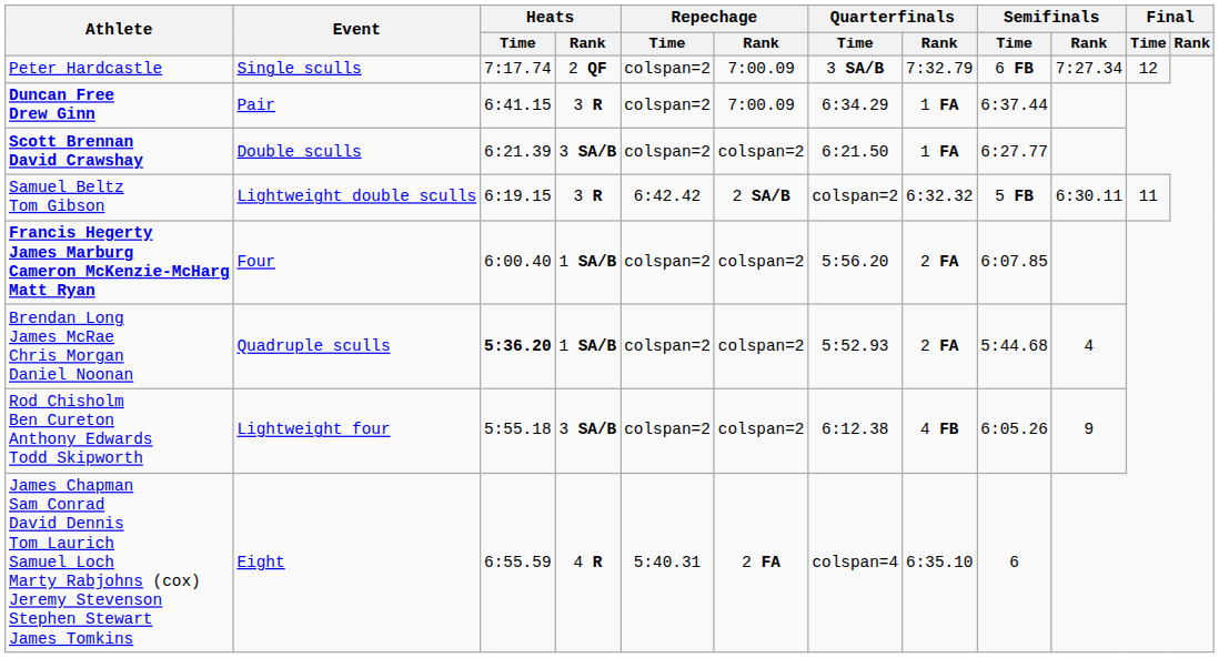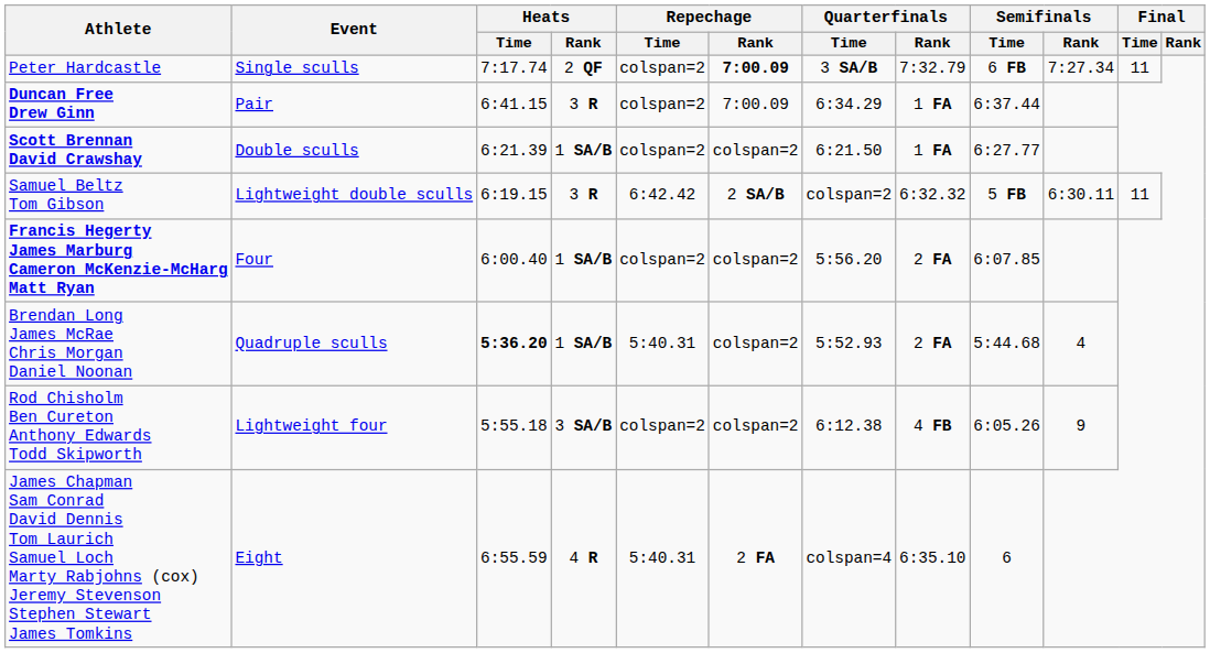 <table class="wikitable" style="font-size:90%">
 <tr>
 <th rowspan="2">Athlete</th>
 <th rowspan="2">Event</th>
 <th colspan="2">Heats</th>
 <th colspan="2">Repechage</th>
 <th colspan="2">Quarterfinals</th>
 <th colspan="2">Semifinals</th>
 <th colspan="2">Final</th>
 </tr>
 <tr style="font-size:95%">
 <th>Time</th>
 <th>Rank</th>
 <th>Time</th>
 <th>Rank</th>
 <th>Time</th>
 <th>Rank</th>
 <th>Time</th>
 <th>Rank</th>
 <th>Time</th>
 <th>Rank</th>
 </tr>
 <tr align=center>
 <td align=left><a href='#'>Peter Hardcastle</a></td>
 <td align=left><a href='#'>Single sculls</a></td>
 <td>7:17.74</td>
 <td>2 <strong>QF</strong></td>
 <td>colspan=2 </td>
-<td>7:00.09</td>
+<td><strong>7:00.09</strong></td>
 <td>3 <strong>SA/B</strong></td>
 <td>7:32.79</td>
 <td>6 <strong>FB</strong></td>
 <td>7:27.34</td>
-<td>12</td>
+<td>11</td>
 </tr>
 <tr align=center>
 <td align=left><strong><a href='#'>Duncan Free</a><br><a href='#'>Drew Ginn</a></strong></td>
 <td align=left><a href='#'>Pair</a></td>
 <td>6:41.15</td>
 <td>3 <strong>R</strong></td>
 <td>colspan=2 </td>
 <td>7:00.09</td>
 <td>6:34.29</td>
 <td>1 <strong>FA</strong></td>
 <td>6:37.44</td>
 <td></td>
 </tr>
 <tr align=center>
 <td align=left><strong><a href='#'>Scott Brennan</a><br><a href='#'>David Crawshay</a></strong></td>
 <td align=left><a href='#'>Double sculls</a></td>
 <td>6:21.39</td>
-<td>3 <strong>SA/B</strong></td>
+<td>1 <strong>SA/B</strong></td>
 <td>colspan=2 </td>
 <td>colspan=2 </td>
 <td>6:21.50</td>
 <td>1 <strong>FA</strong></td>
 <td>6:27.77</td>
 <td></td>
 </tr>
 <tr align=center>
 <td align=left><a href='#'>Samuel Beltz</a><br><a href='#'>Tom Gibson</a></td>
 <td align=left><a href='#'>Lightweight double sculls</a></td>
 <td>6:19.15</td>
 <td>3 <strong>R</strong></td>
 <td>6:42.42</td>
 <td>2 <strong>SA/B</strong></td>
 <td>colspan=2 </td>
 <td>6:32.32</td>
 <td>5 <strong>FB</strong></td>
 <td>6:30.11</td>
 <td>11</td>
 </tr>
 <tr align=center>
 <td align=left><strong><a href='#'>Francis Hegerty</a><br><a href='#'>James Marburg</a><br><a href='#'>Cameron McKenzie-McHarg</a><br><a href='#'>Matt Ryan</a></strong></td>
 <td align=left><a href='#'>Four</a></td>
 <td>6:00.40</td>
 <td>1 <strong>SA/B</strong></td>
 <td>colspan=2 </td>
 <td>colspan=2 </td>
 <td>5:56.20</td>
 <td>2 <strong>FA</strong></td>
 <td>6:07.85</td>
 <td></td>
 </tr>
 <tr align=center>
 <td align=left><a href='#'>Brendan Long</a><br><a href='#'>James McRae</a><br><a href='#'>Chris Morgan</a><br><a href='#'>Daniel Noonan</a></td>
 <td align=left><a href='#'>Quadruple sculls</a></td>
 <td><strong>5:36.20</strong></td>
 <td>1 <strong>SA/B</strong></td>
-<td>colspan=2 </td>
+<td>5:40.31</td>
 <td>colspan=2 </td>
 <td>5:52.93</td>
 <td>2 <strong>FA</strong></td>
 <td>5:44.68</td>
 <td>4</td>
 </tr>
 <tr align=center>
 <td align=left><a href='#'>Rod Chisholm</a><br><a href='#'>Ben Cureton</a><br><a href='#'>Anthony Edwards</a><br><a href='#'>Todd Skipworth</a></td>
 <td align=left><a href='#'>Lightweight four</a></td>
 <td>5:55.18</td>
 <td>3 <strong>SA/B</strong></td>
 <td>colspan=2 </td>
 <td>colspan=2 </td>
 <td>6:12.38</td>
 <td>4 <strong>FB</strong></td>
 <td>6:05.26</td>
 <td>9</td>
 </tr>
 <tr align=center>
 <td align=left><a href='#'>James Chapman</a><br><a href='#'>Sam Conrad</a><br><a href='#'>David Dennis</a><br><a href='#'>Tom Laurich</a><br><a href='#'>Samuel Loch</a><br><a href='#'>Marty Rabjohns</a> (cox)<br><a href='#'>Jeremy Stevenson</a><br><a href='#'>Stephen Stewart</a><br><a href='#'>James Tomkins</a></td>
 <td align=left><a href='#'>Eight</a></td>
 <td>6:55.59</td>
 <td>4 <strong>R</strong></td>
 <td>5:40.31</td>
 <td>2 <strong>FA</strong></td>
 <td>colspan=4 </td>
 <td>6:35.10</td>
 <td>6</td>
 </tr>
 </table>
